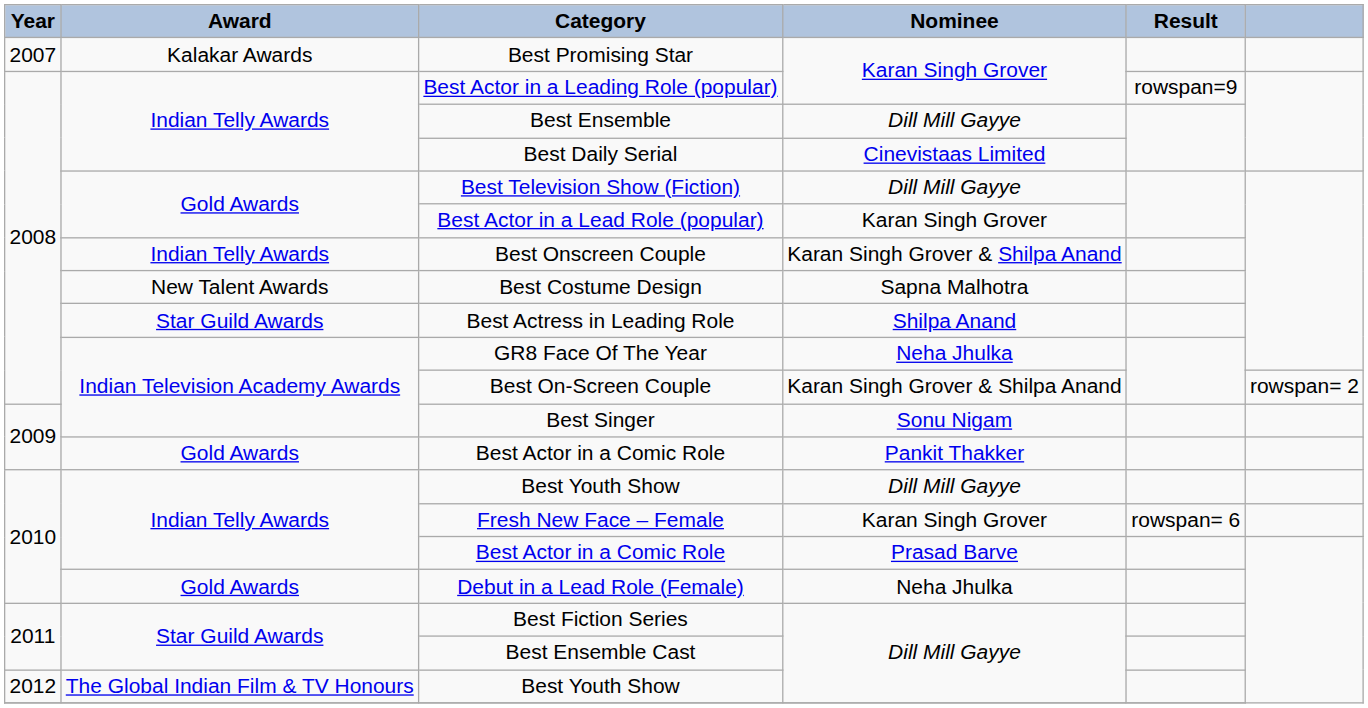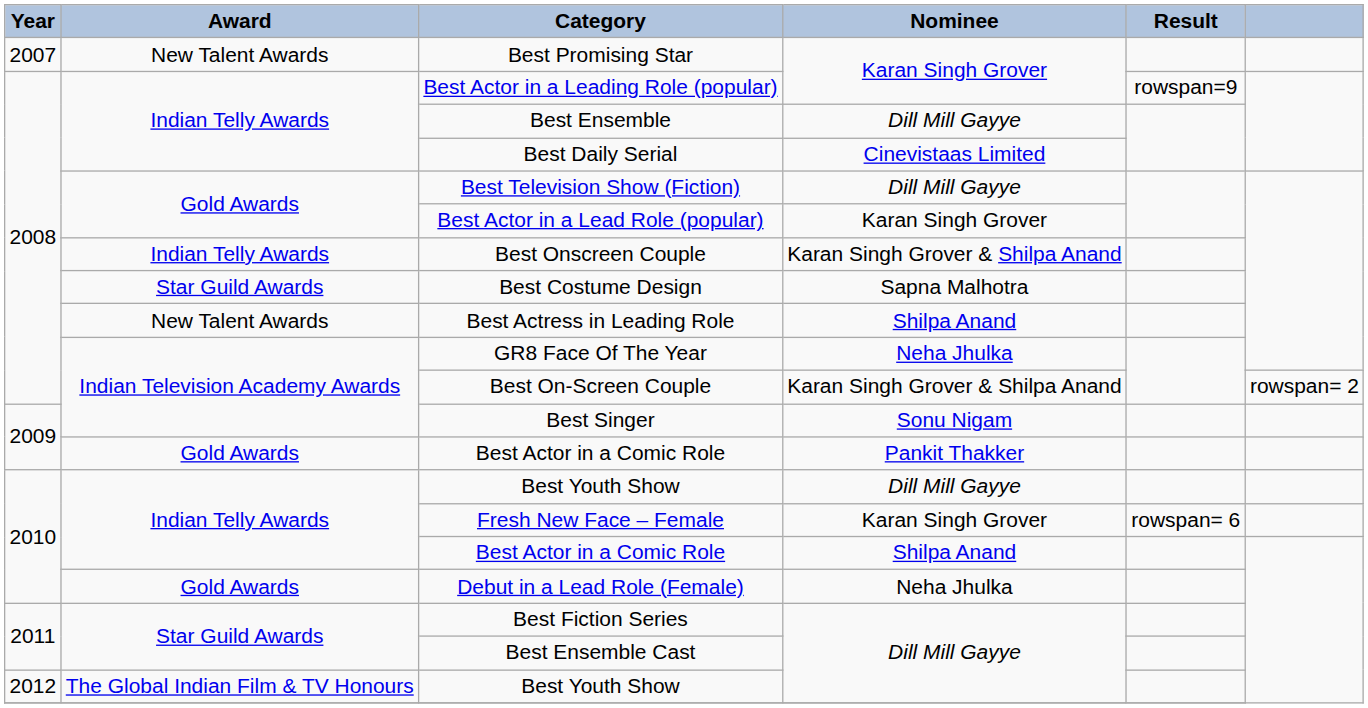 <table class="wikitable" style="text-align:center">
 <tr>
 <th style="background:#B0C4DE;">Year</th>
 <th style="background:#B0C4DE;">Award</th>
 <th style="background:#B0C4DE;">Category</th>
 <th style="background:#B0C4DE;">Nominee</th>
 <th style="background:#B0C4DE;">Result</th>
 <th style="background:#B0C4DE;"></th>
 </tr>
 <tr>
 <td>2007</td>
-<td>Kalakar Awards</td>
+<td>New Talent Awards</td>
 <td>Best Promising Star</td>
 <td rowspan=2><a href='#'>Karan Singh Grover</a></td>
 <td></td>
 <td></td>
 </tr>
 <tr>
 <td rowspan="10">2008</td>
 <td rowspan=3><a href='#'>Indian Telly Awards</a></td>
 <td><a href='#'>Best Actor in a Leading Role (popular)</a></td>
 <td>rowspan=9 </td>
 <td rowspan=3></td>
 </tr>
 <tr>
 <td>Best Ensemble</td>
 <td><em>Dill Mill Gayye</em></td>
 </tr>
 <tr>
 <td>Best Daily Serial</td>
 <td><a href='#'>Cinevistaas Limited</a></td>
 </tr>
 <tr>
 <td rowspan="2"><a href='#'>Gold Awards</a></td>
 <td><a href='#'>Best Television Show (Fiction)</a></td>
 <td><em>Dill Mill Gayye</em></td>
 <td rowspan="2"></td>
 </tr>
 <tr>
 <td><a href='#'>Best Actor in a Lead Role (popular)</a></td>
 <td>Karan Singh Grover</td>
 </tr>
 <tr>
 <td><a href='#'>Indian Telly Awards</a></td>
 <td>Best Onscreen Couple</td>
 <td>Karan Singh Grover & <a href='#'>Shilpa Anand</a></td>
 <td></td>
 </tr>
 <tr>
-<td>New Talent Awards</td>
+<td><a href='#'>Star Guild Awards</a></td>
 <td>Best Costume Design</td>
 <td>Sapna Malhotra</td>
 <td></td>
 </tr>
 <tr>
-<td><a href='#'>Star Guild Awards</a></td>
+<td>New Talent Awards</td>
 <td>Best Actress in Leading Role</td>
 <td><a href='#'>Shilpa Anand</a></td>
 <td></td>
 </tr>
 <tr>
 <td rowspan=3><a href='#'>Indian Television Academy Awards</a></td>
 <td>GR8 Face Of The Year</td>
 <td><a href='#'>Neha Jhulka</a></td>
 <td rowspan="2"></td>
 </tr>
 <tr>
 <td>Best On-Screen Couple</td>
 <td>Karan Singh Grover & Shilpa Anand</td>
 <td>rowspan= 2 </td>
 </tr>
 <tr>
 <td rowspan=2>2009</td>
 <td>Best Singer</td>
 <td><a href='#'>Sonu Nigam</a></td>
 <td></td>
 </tr>
 <tr>
 <td><a href='#'>Gold Awards</a></td>
 <td>Best Actor in a Comic Role</td>
 <td><a href='#'>Pankit Thakker</a></td>
 <td></td>
 <td></td>
 </tr>
 <tr>
 <td rowspan=4>2010</td>
 <td rowspan=3><a href='#'>Indian Telly Awards</a></td>
 <td>Best Youth Show</td>
 <td><em>Dill Mill Gayye</em></td>
 <td></td>
 <td></td>
 </tr>
 <tr>
 <td><a href='#'>Fresh New Face – Female</a></td>
 <td>Karan Singh Grover</td>
 <td>rowspan= 6 </td>
 <td></td>
 </tr>
 <tr>
 <td><a href='#'>Best Actor in a Comic Role</a></td>
-<td><a href='#'>Prasad Barve</a></td>
+<td><a href='#'>Shilpa Anand</a></td>
 <td></td>
 </tr>
 <tr>
 <td><a href='#'>Gold Awards</a></td>
 <td><a href='#'>Debut in a Lead Role (Female)</a></td>
 <td>Neha Jhulka</td>
 <td></td>
 </tr>
 <tr>
 <td rowspan="2">2011</td>
 <td rowspan="2"><a href='#'>Star Guild Awards</a></td>
 <td>Best Fiction Series</td>
 <td rowspan="3"><em>Dill Mill Gayye</em></td>
 <td></td>
 </tr>
 <tr>
 <td>Best Ensemble Cast</td>
 <td></td>
 </tr>
 <tr>
 <td>2012</td>
 <td><a href='#'>The Global Indian Film & TV Honours</a></td>
 <td>Best Youth Show</td>
 <td></td>
 </tr>
 <tr>
 </tr>
 </table>
